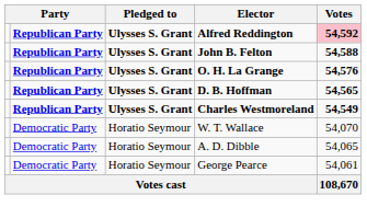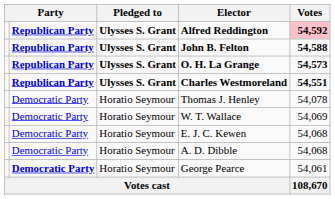 <table class="wikitable">
 <tr>
 <th colspan=2>Party</th>
 <th>Pledged to</th>
 <th>Elector</th>
 <th>Votes</th>
 </tr>
 <tr style="font-weight:bold">
 <td></td>
 <td><a href='#'>Republican Party</a></td>
 <td>Ulysses S. Grant</td>
 <td>Alfred Reddington</td>
 <td align="right" style="background: pink;">54,592</td>
 </tr>
 <tr style="font-weight:bold">
 <td></td>
 <td><a href='#'>Republican Party</a></td>
 <td>Ulysses S. Grant</td>
 <td>John B. Felton</td>
 <td align="right">54,588</td>
 </tr>
 <tr style="font-weight:bold">
 <td></td>
 <td><a href='#'>Republican Party</a></td>
 <td>Ulysses S. Grant</td>
 <td>O. H. La Grange</td>
-<td align="right">54,576</td>
-</tr>
-<tr style="font-weight:bold">
-<td></td>
-<td><a href='#'>Republican Party</a></td>
-<td>Ulysses S. Grant</td>
-<td>D. B. Hoffman</td>
-<td align="right">54,565</td>
+<td align="right">54,573</td>
 </tr>
 <tr style="font-weight:bold">
 <td></td>
 <td><a href='#'>Republican Party</a></td>
 <td>Ulysses S. Grant</td>
 <td>Charles Westmoreland</td>
-<td align="right">54,549</td>
+<td align="right">54,551</td>
+</tr>
+<tr>
+<td></td>
+<td><a href='#'>Democratic Party</a></td>
+<td>Horatio Seymour</td>
+<td>Thomas J. Henley</td>
+<td align="right">54,078</td>
 </tr>
 <tr>
 <td></td>
 <td><a href='#'>Democratic Party</a></td>
 <td>Horatio Seymour</td>
 <td>W. T. Wallace</td>
-<td align="right">54,070</td>
+<td align="right">54,069</td>
+</tr>
+<tr>
+<td></td>
+<td><a href='#'>Democratic Party</a></td>
+<td>Horatio Seymour</td>
+<td>E. J. C. Kewen</td>
+<td align="right">54,068</td>
 </tr>
 <tr>
 <td></td>
 <td><a href='#'>Democratic Party</a></td>
 <td>Horatio Seymour</td>
 <td>A. D. Dibble</td>
-<td align="right">54,065</td>
+<td align="right">54,068</td>
 </tr>
 <tr>
 <td></td>
-<td><a href='#'>Democratic Party</a></td>
+<td><strong><a href='#'>Democratic Party</a></strong></td>
 <td>Horatio Seymour</td>
 <td>George Pearce</td>
 <td align="right">54,061</td>
 </tr>
 <tr>
 <th colspan="4">Votes cast</th>
 <th>108,670</th>
 </tr>
 </table>
